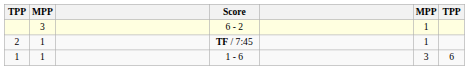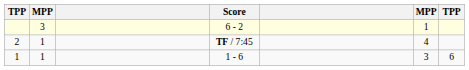 <table class="wikitable" style="text-align: center;" |>
 <tr>
 <th width="35">TPP</th>
 <th width="35">MPP</th>
 <th width="250"></th>
 <th width="75">Score</th>
 <th width="250"></th>
 <th width="35">MPP</th>
 <th width="35">TPP</th>
 </tr>
 <tr bgcolor=lightyellow>
 <td></td>
 <td>3</td>
 <td style="text-align:left;"></td>
 <td>6 - 2</td>
 <td style="text-align:left;"><strong></strong></td>
 <td>1</td>
 <td></td>
 </tr>
 <tr>
 <td>2</td>
 <td>1</td>
 <td style="text-align:left;"><strong></strong></td>
 <td><strong>TF</strong> / 7:45</td>
 <td style="text-align:left;"></td>
-<td>1</td>
+<td>4</td>
 <td></td>
 </tr>
 <tr>
 <td>1</td>
 <td>1</td>
 <td style="text-align:left;"><strong></strong></td>
 <td>1 - 6</td>
 <td style="text-align:left;"></td>
 <td>3</td>
 <td>6</td>
 </tr>
 </table>
